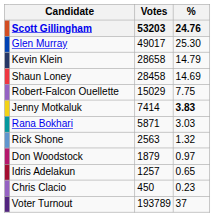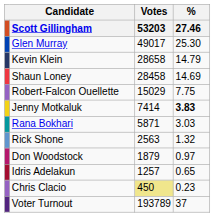 <table class="wikitable">
 <tr>
 <th bgcolor="#DDDDFF" width="200px"; colspan=2>Candidate</th>
 <th bgcolor="#DDDDFF" width="50px">Votes</th>
 <th bgcolor="#DDDDFF" width="50px">%</th>
 </tr>
 <tr>
 <td style="background:#d34e23;"></td>
 <th style="text-align:left; background:#"><a href='#'>Scott Gillingham</a></th>
 <th style="text-align:left; background:#">53203</th>
-<th style="text-align:left; background:#">24.76</th>
+<th style="text-align:left; background:#">27.46</th>
 </tr>
 <tr>
 <td style="background:#0142b4;"></td>
 <td><a href='#'>Glen Murray</a></td>
 <td>49017</td>
 <td>25.30</td>
 </tr>
 <tr>
 <td style="background:#263766;"></td>
 <td>Kevin Klein</td>
 <td>28658</td>
 <td>14.79</td>
 </tr>
 <tr>
 <td style="background:#ef3741;"></td>
 <td>Shaun Loney</td>
 <td>28458</td>
 <td>14.69</td>
 </tr>
 <tr>
 <td style="background:#9562c3;"></td>
 <td>Robert-Falcon Ouellette</td>
 <td>15029</td>
 <td>7.75</td>
 </tr>
 <tr>
 <td style="background:#f3d315;"></td>
 <td>Jenny Motkaluk</td>
 <td>7414</td>
 <td><strong>3.83</strong></td>
 </tr>
 <tr>
 <td style="background:#03989e;"></td>
 <td><a href='#'>Rana Bokhari</a></td>
 <td>5871</td>
 <td>3.03</td>
 </tr>
 <tr>
 <td style="background:#5f95ce;"></td>
 <td>Rick Shone</td>
 <td>2563</td>
 <td>1.32</td>
 </tr>
 <tr>
 <td style="background:#b5186d;"></td>
 <td>Don Woodstock</td>
 <td>1879</td>
 <td>0.97</td>
 </tr>
 <tr>
 <td style="background:#a40d30;"></td>
 <td>Idris Adelakun</td>
 <td>1257</td>
 <td>0.65</td>
 </tr>
 <tr>
 <td style="background:#9562c3;"></td>
 <td>Chris Clacio</td>
-<td>450</td>
+<td style="background: khaki;">450</td>
 <td>0.23</td>
 </tr>
 <tr>
 <td style="background:#52247f;"></td>
 <td>Voter Turnout</td>
 <td>193789</td>
 <td>37</td>
 </tr>
 </table>
